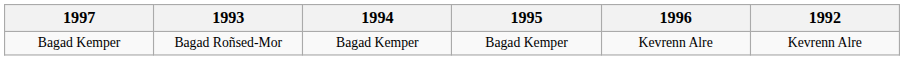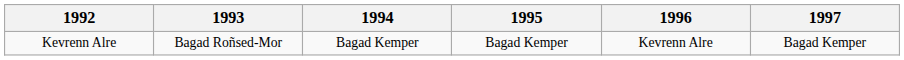 <table class="wikitable centre" width="800px" style="text-align:center;font-size:0.9em;table-layout:fixed;">
 <tr>
-<th scope="col">1997</th>
+<th scope="col">1992</th>
 <th scope="col">1993</th>
 <th scope="col">1994</th>
 <th scope="col">1995</th>
 <th scope="col">1996</th>
-<th scope="col">1992</th>
+<th scope="col">1997</th>
 </tr>
 <tr style="font-size:0.85em;">
-<td>Bagad Kemper</td>
+<td>Kevrenn Alre</td>
 <td>Bagad Roñsed-Mor</td>
 <td>Bagad Kemper</td>
 <td>Bagad Kemper</td>
 <td>Kevrenn Alre</td>
-<td>Kevrenn Alre</td>
+<td>Bagad Kemper</td>
 </tr>
 </table>
